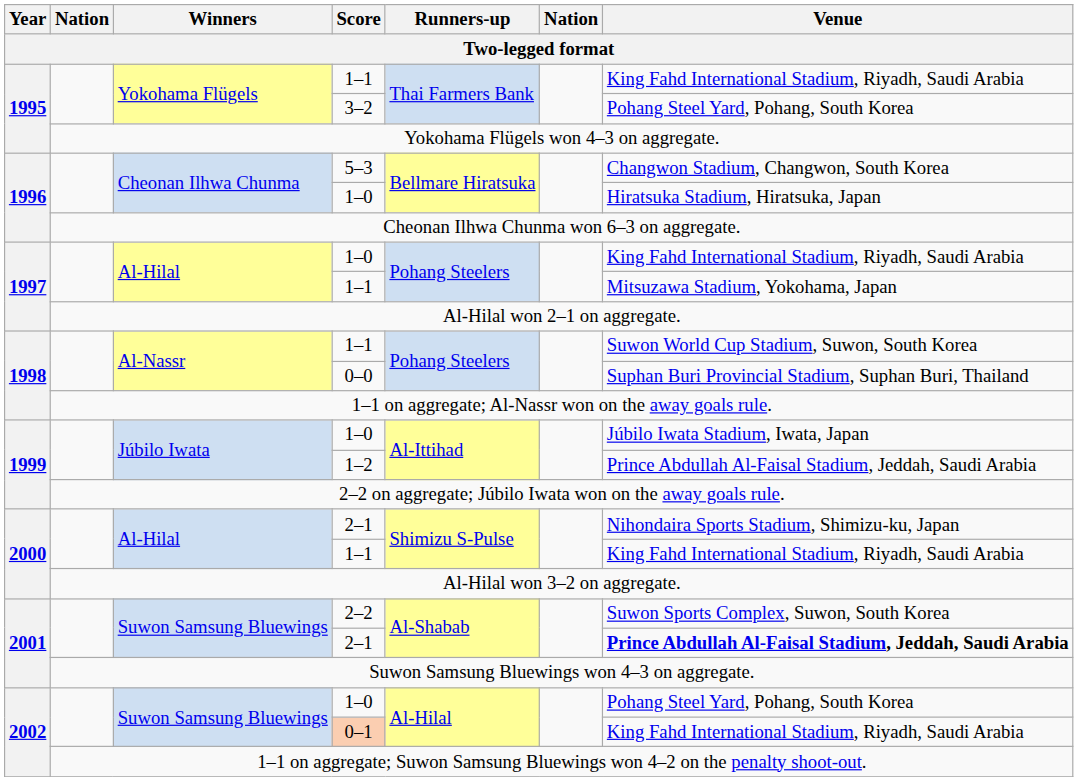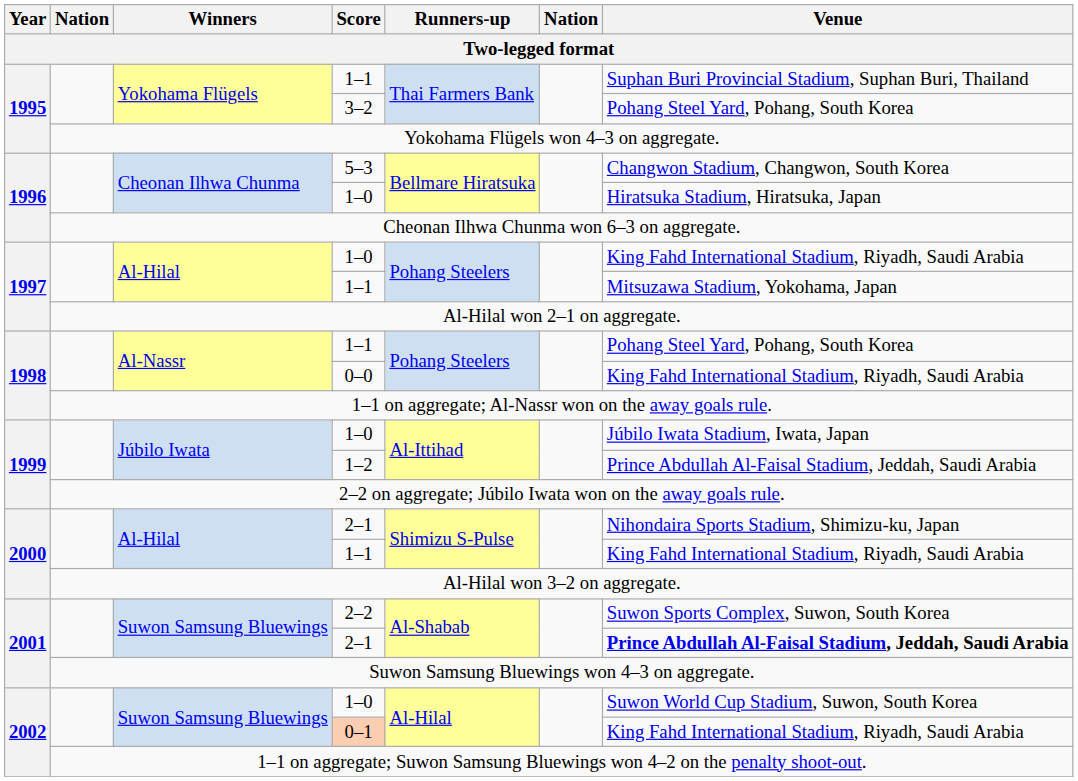 <table class="sortable plainrowheaders wikitable">
 <tr>
 <th scope=col>Year</th>
 <th scope=col>Nation</th>
 <th scope=col>Winners</th>
 <th scope=col>Score</th>
 <th scope=col>Runners-up</th>
 <th scope=col>Nation</th>
 <th scope=col>Venue</th>
 </tr>
 <tr>
 <th colspan="8">Two-legged format</th>
 </tr>
 <tr>
 <th scope=row rowspan=3 style="text-align:center"><a href='#'>1995</a></th>
 <td rowspan=2></td>
 <td rowspan=2 style="background-color:#FFFF99"><a href='#'>Yokohama Flügels</a></td>
 <td align=center>1–1</td>
 <td rowspan=2 style="background-color:#cedff2"><a href='#'>Thai Farmers Bank</a></td>
 <td rowspan=2></td>
-<td><a href='#'>King Fahd International Stadium</a>, Riyadh, Saudi Arabia</td>
+<td><a href='#'>Suphan Buri Provincial Stadium</a>, Suphan Buri, Thailand</td>
 </tr>
 <tr>
 <td align=center>3–2</td>
 <td><a href='#'>Pohang Steel Yard</a>, Pohang, South Korea</td>
 </tr>
 <tr>
 <td colspan=7 align="center">Yokohama Flügels won 4–3 on aggregate.</td>
 </tr>
 <tr>
 <th scope=row rowspan=3 style="text-align:center"><a href='#'>1996</a></th>
 <td rowspan=2></td>
 <td rowspan=2 style="background-color:#cedff2"><a href='#'>Cheonan Ilhwa Chunma</a></td>
 <td align=center>5–3</td>
 <td rowspan=2 style="background-color:#FFFF99"><a href='#'>Bellmare Hiratsuka</a></td>
 <td rowspan=2></td>
 <td><a href='#'>Changwon Stadium</a>, Changwon, South Korea</td>
 </tr>
 <tr>
 <td align=center>1–0</td>
 <td><a href='#'>Hiratsuka Stadium</a>, Hiratsuka, Japan</td>
 </tr>
 <tr>
 <td colspan=7 align="center">Cheonan Ilhwa Chunma won 6–3 on aggregate.</td>
 </tr>
 <tr>
 <th scope=row rowspan=3 style="text-align:center"><a href='#'>1997</a></th>
 <td rowspan=2></td>
 <td rowspan=2 style="background-color:#FFFF99"><a href='#'>Al-Hilal</a></td>
 <td align=center>1–0</td>
 <td rowspan=2 style="background-color:#cedff2"><a href='#'>Pohang Steelers</a></td>
 <td rowspan=2></td>
 <td><a href='#'>King Fahd International Stadium</a>, Riyadh, Saudi Arabia</td>
 </tr>
 <tr>
 <td align=center>1–1</td>
 <td><a href='#'>Mitsuzawa Stadium</a>, Yokohama, Japan</td>
 </tr>
 <tr>
 <td colspan=7 align="center">Al-Hilal won 2–1 on aggregate.</td>
 </tr>
 <tr>
 <th scope=row rowspan=3 style="text-align:center"><a href='#'>1998</a></th>
 <td rowspan=2></td>
 <td rowspan=2 style="background-color:#FFFF99"><a href='#'>Al-Nassr</a></td>
 <td align=center>1–1</td>
 <td rowspan=2 style="background-color:#cedff2"><a href='#'>Pohang Steelers</a></td>
 <td rowspan=2></td>
-<td><a href='#'>Suwon World Cup Stadium</a>, Suwon, South Korea</td>
+<td><a href='#'>Pohang Steel Yard</a>, Pohang, South Korea</td>
 </tr>
 <tr>
 <td align=center>0–0</td>
-<td><a href='#'>Suphan Buri Provincial Stadium</a>, Suphan Buri, Thailand</td>
+<td><a href='#'>King Fahd International Stadium</a>, Riyadh, Saudi Arabia</td>
 </tr>
 <tr>
 <td colspan=7 align="center">1–1 on aggregate; Al-Nassr won on the <a href='#'>away goals rule</a>.</td>
 </tr>
 <tr>
 <th scope=row rowspan=3 style="text-align:center"><a href='#'>1999</a></th>
 <td rowspan=2></td>
 <td rowspan=2 style="background-color:#cedff2"><a href='#'>Júbilo Iwata</a></td>
 <td align=center>1–0</td>
 <td rowspan=2 style="background-color:#FFFF99"><a href='#'>Al-Ittihad</a></td>
 <td rowspan=2></td>
 <td><a href='#'>Júbilo Iwata Stadium</a>, Iwata, Japan</td>
 </tr>
 <tr>
 <td align=center>1–2</td>
 <td><a href='#'>Prince Abdullah Al-Faisal Stadium</a>, Jeddah, Saudi Arabia</td>
 </tr>
 <tr>
 <td colspan=7 align="center">2–2 on aggregate; Júbilo Iwata won on the <a href='#'>away goals rule</a>.</td>
 </tr>
 <tr>
 <th scope=row rowspan=3 style="text-align:center"><a href='#'>2000</a></th>
 <td rowspan=2></td>
 <td rowspan=2 style="background-color:#cedff2"><a href='#'>Al-Hilal</a></td>
 <td align=center>2–1</td>
 <td rowspan=2 style="background-color:#FFFF99"><a href='#'>Shimizu S-Pulse</a></td>
 <td rowspan=2></td>
 <td><a href='#'>Nihondaira Sports Stadium</a>, Shimizu-ku, Japan</td>
 </tr>
 <tr>
 <td align=center>1–1</td>
 <td><a href='#'>King Fahd International Stadium</a>, Riyadh, Saudi Arabia</td>
 </tr>
 <tr>
 <td colspan=7 align="center">Al-Hilal won 3–2 on aggregate.</td>
 </tr>
 <tr>
 <th scope=row rowspan=3 style="text-align:center"><a href='#'>2001</a></th>
 <td rowspan=2></td>
 <td rowspan=2 style="background-color:#cedff2"><a href='#'>Suwon Samsung Bluewings</a></td>
 <td align=center>2–2</td>
 <td rowspan=2 style="background-color:#FFFF99"><a href='#'>Al-Shabab</a></td>
 <td rowspan=2></td>
 <td><a href='#'>Suwon Sports Complex</a>, Suwon, South Korea</td>
 </tr>
 <tr>
 <td align=center>2–1</td>
 <td><strong><a href='#'>Prince Abdullah Al-Faisal Stadium</a>, Jeddah, Saudi Arabia</strong></td>
 </tr>
 <tr>
 <td colspan=7 align="center">Suwon Samsung Bluewings won 4–3 on aggregate.</td>
 </tr>
 <tr>
 <th scope=row rowspan=3 style="text-align:center"><a href='#'>2002</a></th>
 <td rowspan=2></td>
 <td rowspan=2 style="background-color:#cedff2"><a href='#'>Suwon Samsung Bluewings</a></td>
 <td align=center>1–0</td>
 <td rowspan=2 style="background-color:#FFFF99"><a href='#'>Al-Hilal</a></td>
 <td rowspan=2></td>
-<td><a href='#'>Pohang Steel Yard</a>, Pohang, South Korea</td>
+<td><a href='#'>Suwon World Cup Stadium</a>, Suwon, South Korea</td>
 </tr>
 <tr>
 <td bgcolor=FBCEB1 align=center>0–1 </td>
 <td><a href='#'>King Fahd International Stadium</a>, Riyadh, Saudi Arabia</td>
 </tr>
 <tr>
 <td colspan=7 align="center">1–1 on aggregate; Suwon Samsung Bluewings won 4–2 on the <a href='#'>penalty shoot-out</a>.</td>
 </tr>
 </table>
